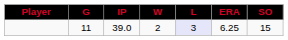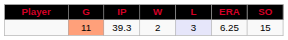 <table class="wikitable sortable">
 <tr>
 <th style="background:black; color:#d40026; width:16%;">Player</th>
 <th style="background:black; color:#d40026; width:9%;">G</th>
 <th style="background:black; color:#d40026; width:9%;">IP</th>
 <th style="background:black; color:#d40026; width:9%;">W</th>
 <th style="background:black; color:#d40026; width:9%;">L</th>
 <th style="background:black; color:#d40026; width:9%;">ERA</th>
 <th style="background:black; color:#d40026; width:9%;">SO</th>
 </tr>
 <tr style="text-align:center;">
 <td></td>
-<td>11</td>
-<td>39.0</td>
+<td style="background: lightsalmon;">11</td>
+<td>39.3</td>
 <td>2</td>
 <td style="background: lavender;">3</td>
 <td>6.25</td>
 <td>15</td>
 </tr>
 </table>
